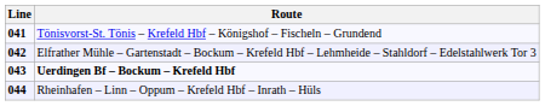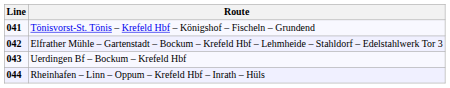 <table class="wikitable">
 <tr>
 <th>Line</th>
 <th>Route</th>
 </tr>
 <tr style="background-color: #f8f8ff">
 <td><strong>041</strong></td>
 <td><a href='#'>Tönisvorst-St. Tönis</a> – <a href='#'>Krefeld Hbf</a> – Königshof – Fischeln – Grundend</td>
 </tr>
 <tr style="background-color: #f0f0ff">
 <td><strong>042</strong></td>
 <td>Elfrather Mühle – Gartenstadt – Bockum – Krefeld Hbf – Lehmheide – Stahldorf – Edelstahlwerk Tor 3</td>
 </tr>
 <tr style="background-color: #f8f8ff">
 <td><strong>043</strong></td>
-<td><strong>Uerdingen Bf – Bockum – Krefeld Hbf</strong></td>
+<td>Uerdingen Bf – Bockum – Krefeld Hbf</td>
 </tr>
 <tr style="background-color: #f0f0ff">
 <td><strong>044</strong></td>
 <td>Rheinhafen – Linn – Oppum – Krefeld Hbf – Inrath – Hüls</td>
 </tr>
 </table>
